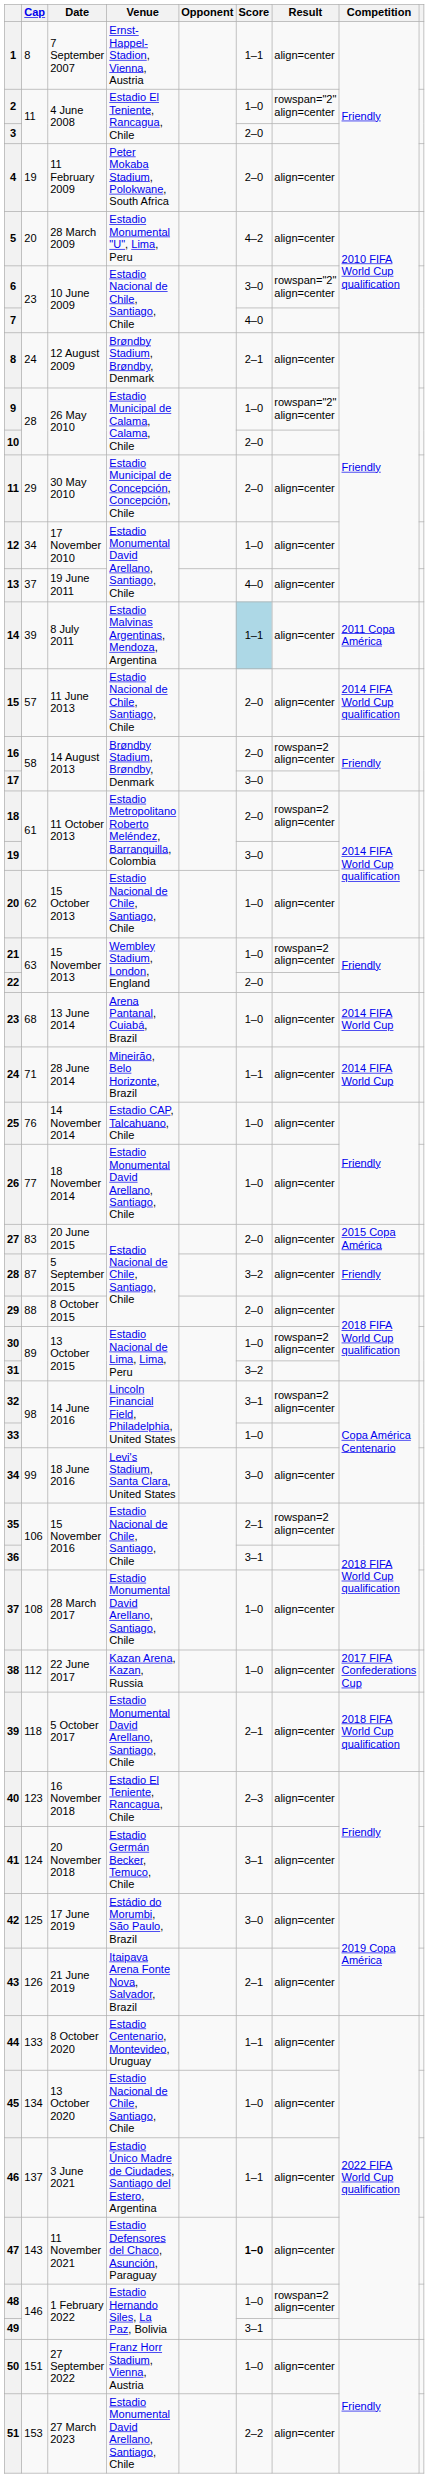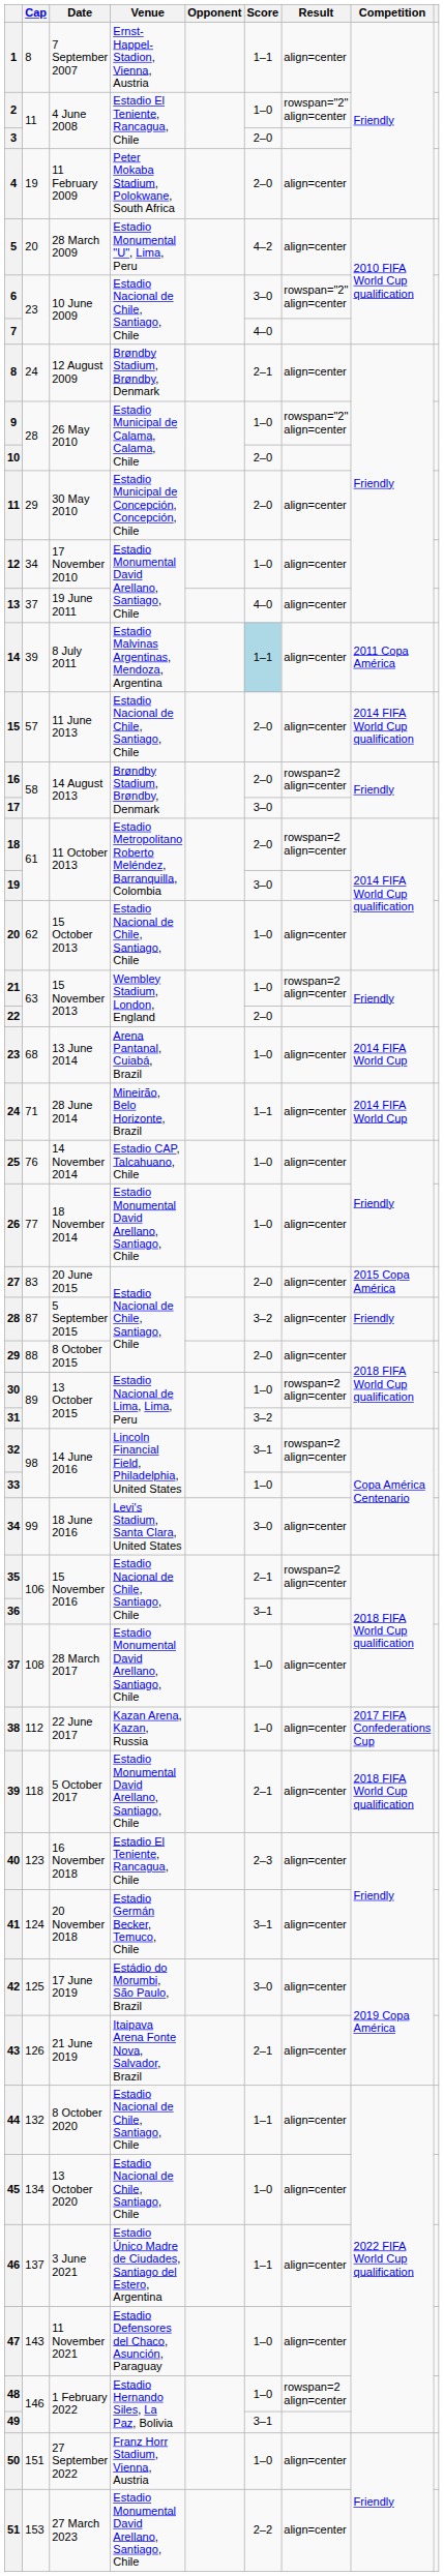 <table class="wikitable plainrowheaders sortable">
 <tr>
 <th scope=col></th>
 <th scope=col><a href='#'>Cap</a></th>
 <th scope=col>Date</th>
 <th scope=col>Venue</th>
 <th scope=col>Opponent</th>
 <th scope=col>Score</th>
 <th scope=col>Result</th>
 <th scope=col>Competition</th>
 <th scope=col class=unsortable></th>
 </tr>
 <tr>
 <th scope=row>1</th>
 <td>8</td>
 <td>7 September 2007</td>
 <td><a href='#'>Ernst-Happel-Stadion</a>, <a href='#'>Vienna</a>, Austria</td>
 <td></td>
 <td align=center>1–1</td>
 <td>align=center </td>
 <td rowspan=4><a href='#'>Friendly</a></td>
 <td></td>
 </tr>
 <tr>
 <th scope=row>2</th>
 <td rowspan="2">11</td>
 <td rowspan="2">4 June 2008</td>
 <td rowspan="2"><a href='#'>Estadio El Teniente</a>, <a href='#'>Rancagua</a>, Chile</td>
 <td rowspan="2"></td>
 <td align=center>1–0</td>
 <td>rowspan="2" align=center </td>
 <td rowspan="2"></td>
 </tr>
 <tr>
 <th scope=row>3</th>
 <td align=center>2–0</td>
 </tr>
 <tr>
 <th scope=row>4</th>
 <td>19</td>
 <td>11 February 2009</td>
 <td><a href='#'>Peter Mokaba Stadium</a>, <a href='#'>Polokwane</a>, South Africa</td>
 <td></td>
 <td align=center>2–0</td>
 <td>align=center </td>
 <td></td>
 </tr>
 <tr>
 <th scope=row>5</th>
 <td>20</td>
 <td>28 March 2009</td>
 <td><a href='#'>Estadio Monumental "U"</a>, <a href='#'>Lima</a>, Peru</td>
 <td></td>
 <td align=center>4–2</td>
 <td>align=center </td>
 <td rowspan=3><a href='#'>2010 FIFA World Cup qualification</a></td>
 <td></td>
 </tr>
 <tr>
 <th scope=row>6</th>
 <td rowspan="2">23</td>
 <td rowspan="2">10 June 2009</td>
 <td rowspan="2"><a href='#'>Estadio Nacional de Chile</a>, <a href='#'>Santiago</a>, Chile</td>
 <td rowspan="2"></td>
 <td align=center>3–0</td>
 <td>rowspan="2" align=center </td>
 <td rowspan="2"></td>
 </tr>
 <tr>
 <th scope=row>7</th>
 <td align=center>4–0</td>
 </tr>
 <tr>
 <th scope=row>8</th>
 <td>24</td>
 <td>12 August 2009</td>
 <td><a href='#'>Brøndby Stadium</a>, <a href='#'>Brøndby</a>, Denmark</td>
 <td></td>
 <td align=center>2–1</td>
 <td>align=center </td>
 <td rowspan=6><a href='#'>Friendly</a></td>
 <td></td>
 </tr>
 <tr>
 <th scope=row>9</th>
 <td rowspan="2">28</td>
 <td rowspan="2">26 May 2010</td>
 <td rowspan="2"><a href='#'>Estadio Municipal de Calama</a>, <a href='#'>Calama</a>, Chile</td>
 <td rowspan="2"></td>
 <td align=center>1–0</td>
 <td>rowspan="2" align=center </td>
 <td rowspan="2"></td>
 </tr>
 <tr>
 <th scope=row>10</th>
 <td align=center>2–0</td>
 </tr>
 <tr>
 <th scope=row>11</th>
 <td>29</td>
 <td>30 May 2010</td>
 <td><a href='#'>Estadio Municipal de Concepción</a>, <a href='#'>Concepción</a>, Chile</td>
 <td></td>
 <td align=center>2–0</td>
 <td>align=center  </td>
 <td></td>
 </tr>
 <tr>
 <th scope=row>12</th>
 <td>34</td>
 <td>17 November 2010</td>
 <td rowspan=2><a href='#'>Estadio Monumental David Arellano</a>, <a href='#'>Santiago</a>, Chile</td>
 <td></td>
 <td align=center>1–0</td>
 <td>align=center </td>
 <td></td>
 </tr>
 <tr>
 <th scope=row>13</th>
 <td>37</td>
 <td>19 June 2011</td>
 <td></td>
 <td align=center>4–0</td>
 <td>align=center </td>
 <td></td>
 </tr>
 <tr>
 <th scope=row>14</th>
 <td>39</td>
 <td>8 July 2011</td>
 <td><a href='#'>Estadio Malvinas Argentinas</a>, <a href='#'>Mendoza</a>, Argentina</td>
 <td></td>
 <td align=center style="background: lightblue;">1–1</td>
 <td>align=center </td>
 <td><a href='#'>2011 Copa América</a></td>
 <td></td>
 </tr>
 <tr>
 <th scope=row>15</th>
 <td>57</td>
 <td>11 June 2013</td>
 <td><a href='#'>Estadio Nacional de Chile</a>, <a href='#'>Santiago</a>, Chile</td>
 <td></td>
 <td align=center>2–0</td>
 <td>align=center </td>
 <td><a href='#'>2014 FIFA World Cup qualification</a></td>
 <td></td>
 </tr>
 <tr>
 <th scope=row>16</th>
 <td rowspan="2">58</td>
 <td rowspan=2>14 August 2013</td>
 <td rowspan=2><a href='#'>Brøndby Stadium</a>, <a href='#'>Brøndby</a>, Denmark</td>
 <td rowspan=2></td>
 <td align=center>2–0</td>
 <td>rowspan=2 align=center </td>
 <td rowspan=2><a href='#'>Friendly</a></td>
 <td rowspan="2"></td>
 </tr>
 <tr>
 <th scope=row>17</th>
 <td align=center>3–0</td>
 </tr>
 <tr>
 <th scope=row>18</th>
 <td rowspan="2">61</td>
 <td rowspan=2>11 October 2013</td>
 <td rowspan=2><a href='#'>Estadio Metropolitano Roberto Meléndez</a>, <a href='#'>Barranquilla</a>, Colombia</td>
 <td rowspan=2></td>
 <td align=center>2–0</td>
 <td>rowspan=2 align=center </td>
 <td rowspan=3><a href='#'>2014 FIFA World Cup qualification</a></td>
 <td rowspan="2"></td>
 </tr>
 <tr>
 <th scope=row>19</th>
 <td align=center>3–0</td>
 </tr>
 <tr>
 <th scope=row>20</th>
 <td>62</td>
 <td>15 October 2013</td>
 <td><a href='#'>Estadio Nacional de Chile</a>, <a href='#'>Santiago</a>, Chile</td>
 <td></td>
 <td align=center>1–0</td>
 <td>align=center </td>
 <td></td>
 </tr>
 <tr>
 <th scope=row>21</th>
 <td rowspan="2">63</td>
 <td rowspan=2>15 November 2013</td>
 <td rowspan=2><a href='#'>Wembley Stadium</a>, <a href='#'>London</a>, England</td>
 <td rowspan=2></td>
 <td align=center>1–0</td>
 <td>rowspan=2 align=center </td>
 <td rowspan=2><a href='#'>Friendly</a></td>
 <td rowspan="2"></td>
 </tr>
 <tr>
 <th scope=row>22</th>
 <td align=center>2–0</td>
 </tr>
 <tr>
 <th scope=row>23</th>
 <td>68</td>
 <td>13 June 2014</td>
 <td><a href='#'>Arena Pantanal</a>, <a href='#'>Cuiabá</a>, Brazil</td>
 <td></td>
 <td align=center>1–0</td>
 <td>align=center </td>
 <td><a href='#'>2014 FIFA World Cup</a></td>
 <td></td>
 </tr>
 <tr>
 <th scope=row>24</th>
 <td>71</td>
 <td>28 June 2014</td>
 <td><a href='#'>Mineirão</a>, <a href='#'>Belo Horizonte</a>, Brazil</td>
 <td></td>
 <td align=center>1–1</td>
 <td>align=center </td>
 <td><a href='#'>2014 FIFA World Cup</a></td>
 <td></td>
 </tr>
 <tr>
 <th scope=row>25</th>
 <td>76</td>
 <td>14 November 2014</td>
 <td><a href='#'>Estadio CAP</a>, <a href='#'>Talcahuano</a>, Chile</td>
 <td></td>
 <td align=center>1–0</td>
 <td>align=center </td>
 <td rowspan=2><a href='#'>Friendly</a></td>
 <td></td>
 </tr>
 <tr>
 <th scope=row>26</th>
 <td>77</td>
 <td>18 November 2014</td>
 <td><a href='#'>Estadio Monumental David Arellano</a>, <a href='#'>Santiago</a>, Chile</td>
 <td></td>
 <td align=center>1–0</td>
 <td>align=center </td>
 <td></td>
 </tr>
 <tr>
 <th scope=row>27</th>
 <td>83</td>
 <td>20 June 2015</td>
 <td rowspan=3><a href='#'>Estadio Nacional de Chile</a>, <a href='#'>Santiago</a>, Chile</td>
 <td></td>
 <td align=center>2–0</td>
 <td>align=center </td>
 <td><a href='#'>2015 Copa América</a></td>
 <td></td>
 </tr>
 <tr>
 <th scope=row>28</th>
 <td>87</td>
 <td>5 September 2015</td>
 <td></td>
 <td align=center>3–2</td>
 <td>align=center </td>
 <td><a href='#'>Friendly</a></td>
 <td></td>
 </tr>
 <tr>
 <th scope=row>29</th>
 <td>88</td>
 <td>8 October 2015</td>
 <td></td>
 <td align=center>2–0</td>
 <td>align=center </td>
 <td rowspan=3><a href='#'>2018 FIFA World Cup qualification</a></td>
 <td></td>
 </tr>
 <tr>
 <th scope=row>30</th>
 <td rowspan="2">89</td>
 <td rowspan=2>13 October 2015</td>
 <td rowspan=2><a href='#'>Estadio Nacional de Lima</a>, <a href='#'>Lima</a>, Peru</td>
 <td rowspan=2></td>
 <td align=center>1–0</td>
 <td>rowspan=2 align=center </td>
 <td rowspan="2"></td>
 </tr>
 <tr>
 <th scope=row>31</th>
 <td align=center>3–2</td>
 </tr>
 <tr>
 <th scope=row>32</th>
 <td rowspan="2">98</td>
 <td rowspan=2>14 June 2016</td>
 <td rowspan=2><a href='#'>Lincoln Financial Field</a>, <a href='#'>Philadelphia</a>, United States</td>
 <td rowspan=2></td>
 <td align=center>3–1</td>
 <td>rowspan=2 align=center  </td>
 <td rowspan=3><a href='#'>Copa América Centenario</a></td>
 <td rowspan="2"></td>
 </tr>
 <tr>
 <th scope=row>33</th>
 <td align=center>1–0</td>
 </tr>
 <tr>
 <th scope=row>34</th>
 <td>99</td>
 <td>18 June 2016</td>
 <td><a href='#'>Levi's Stadium</a>, <a href='#'>Santa Clara</a>, United States</td>
 <td></td>
 <td align=center>3–0</td>
 <td>align=center </td>
 <td></td>
 </tr>
 <tr>
 <th scope=row>35</th>
 <td rowspan="2">106</td>
 <td rowspan=2>15 November 2016</td>
 <td rowspan=2><a href='#'>Estadio Nacional de Chile</a>, <a href='#'>Santiago</a>, Chile</td>
 <td rowspan=2></td>
 <td align=center>2–1</td>
 <td>rowspan=2 align=center </td>
 <td rowspan=3><a href='#'>2018 FIFA World Cup qualification</a></td>
 <td rowspan="2"></td>
 </tr>
 <tr>
 <th scope=row>36</th>
 <td align=center>3–1</td>
 </tr>
 <tr>
 <th scope=row>37</th>
 <td>108</td>
 <td>28 March 2017</td>
 <td><a href='#'>Estadio Monumental David Arellano</a>, <a href='#'>Santiago</a>, Chile</td>
 <td></td>
 <td align=center>1–0</td>
 <td>align=center </td>
 <td></td>
 </tr>
 <tr>
 <th scope=row>38</th>
 <td>112</td>
 <td>22 June 2017</td>
 <td><a href='#'>Kazan Arena</a>, <a href='#'>Kazan</a>, Russia</td>
 <td></td>
 <td align=center>1–0</td>
 <td>align=center </td>
 <td><a href='#'>2017 FIFA Confederations Cup</a></td>
 <td></td>
 </tr>
 <tr>
 <th scope=row>39</th>
 <td>118</td>
 <td>5 October 2017</td>
 <td><a href='#'>Estadio Monumental David Arellano</a>, <a href='#'>Santiago</a>, Chile</td>
 <td></td>
 <td align=center>2–1</td>
 <td>align=center </td>
 <td><a href='#'>2018 FIFA World Cup qualification</a></td>
 <td></td>
 </tr>
 <tr>
 <th scope=row>40</th>
 <td>123</td>
 <td>16 November 2018</td>
 <td><a href='#'>Estadio El Teniente</a>, <a href='#'>Rancagua</a>, Chile</td>
 <td></td>
 <td align=center>2–3</td>
 <td>align=center </td>
 <td rowspan=2><a href='#'>Friendly</a></td>
 <td></td>
 </tr>
 <tr>
 <th scope=row>41</th>
 <td>124</td>
 <td>20 November 2018</td>
 <td><a href='#'>Estadio Germán Becker</a>, <a href='#'>Temuco</a>, Chile</td>
 <td></td>
 <td align=center>3–1</td>
 <td>align=center </td>
 <td></td>
 </tr>
 <tr>
 <th scope=row>42</th>
 <td>125</td>
 <td>17 June 2019</td>
 <td><a href='#'>Estádio do Morumbi</a>, <a href='#'>São Paulo</a>, Brazil</td>
 <td></td>
 <td align=center>3–0</td>
 <td>align=center </td>
 <td rowspan=2><a href='#'>2019 Copa América</a></td>
 <td></td>
 </tr>
 <tr>
 <th scope=row>43</th>
 <td>126</td>
 <td>21 June 2019</td>
 <td><a href='#'>Itaipava Arena Fonte Nova</a>, <a href='#'>Salvador</a>, Brazil</td>
 <td></td>
 <td align=center>2–1</td>
 <td>align=center </td>
 <td></td>
 </tr>
 <tr>
 <th scope=row>44</th>
-<td>133</td>
+<td>132</td>
 <td>8 October 2020</td>
-<td><a href='#'>Estadio Centenario</a>, <a href='#'>Montevideo</a>, Uruguay</td>
+<td><a href='#'>Estadio Nacional de Chile</a>, <a href='#'>Santiago</a>, Chile</td>
 <td></td>
 <td align=center>1–1</td>
 <td>align=center </td>
 <td rowspan=6><a href='#'>2022 FIFA World Cup qualification</a></td>
 <td></td>
 </tr>
 <tr>
 <th scope=row>45</th>
 <td>134</td>
 <td>13 October 2020</td>
 <td><a href='#'>Estadio Nacional de Chile</a>, <a href='#'>Santiago</a>, Chile</td>
 <td></td>
 <td align=center>1–0</td>
 <td>align=center </td>
 <td></td>
 </tr>
 <tr>
 <th scope=row>46</th>
 <td>137</td>
 <td>3 June 2021</td>
 <td><a href='#'>Estadio Único Madre de Ciudades</a>, <a href='#'>Santiago del Estero</a>, Argentina</td>
 <td></td>
 <td align=center>1–1</td>
 <td>align=center </td>
 <td></td>
 </tr>
 <tr>
 <th scope=row>47</th>
 <td>143</td>
 <td>11 November 2021</td>
 <td><a href='#'>Estadio Defensores del Chaco</a>, <a href='#'>Asunción</a>, Paraguay</td>
 <td></td>
-<td align=center><strong>1–0</strong></td>
+<td align=center>1–0</td>
 <td>align=center </td>
 <td></td>
 </tr>
 <tr>
 <th scope=row>48</th>
 <td rowspan="2">146</td>
 <td rowspan=2>1 February 2022</td>
 <td rowspan=2><a href='#'>Estadio Hernando Siles</a>, <a href='#'>La Paz</a>, Bolivia</td>
 <td rowspan=2></td>
 <td align=center>1–0</td>
 <td>rowspan=2 align=center </td>
 <td rowspan="2"></td>
 </tr>
 <tr>
 <th scope=row>49</th>
 <td align=center>3–1</td>
 </tr>
 <tr>
 <th scope=row>50</th>
 <td>151</td>
 <td>27 September 2022</td>
 <td><a href='#'>Franz Horr Stadium</a>, <a href='#'>Vienna</a>, Austria</td>
 <td></td>
 <td align=center>1–0</td>
 <td>align=center </td>
 <td rowspan=2><a href='#'>Friendly</a></td>
 <td></td>
 </tr>
 <tr>
 <th scope=row>51</th>
 <td>153</td>
 <td>27 March 2023</td>
 <td><a href='#'>Estadio Monumental David Arellano</a>, <a href='#'>Santiago</a>, Chile</td>
 <td></td>
 <td align=center>2–2</td>
 <td>align=center </td>
 <td></td>
 </tr>
 </table>
